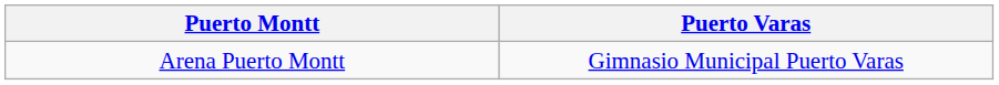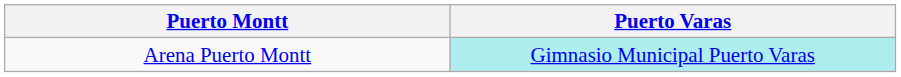 <table class="wikitable" style="text-align:center;">
 <tr>
 <th><strong><a href='#'>Puerto Montt</a></strong></th>
 <th><strong><a href='#'>Puerto Varas</a></strong></th>
 </tr>
 <tr>
 <td width=33%><a href='#'>Arena Puerto Montt</a></td>
-<td width=33%><a href='#'>Gimnasio Municipal Puerto Varas</a></td>
+<td width=33% style="background: paleturquoise;"><a href='#'>Gimnasio Municipal Puerto Varas</a></td>
 </tr>
 </table>
